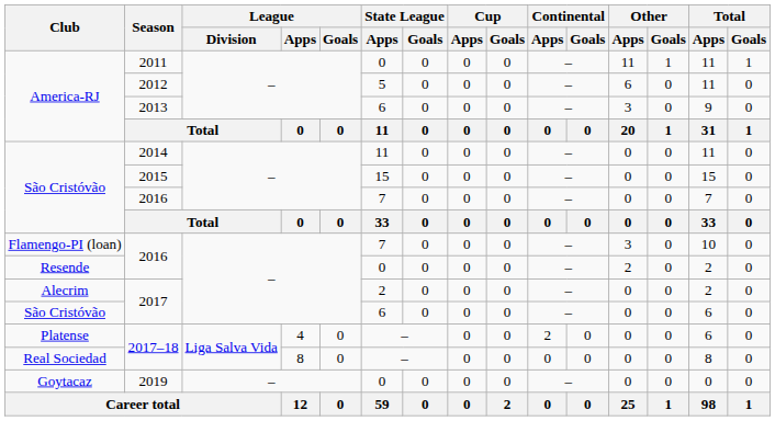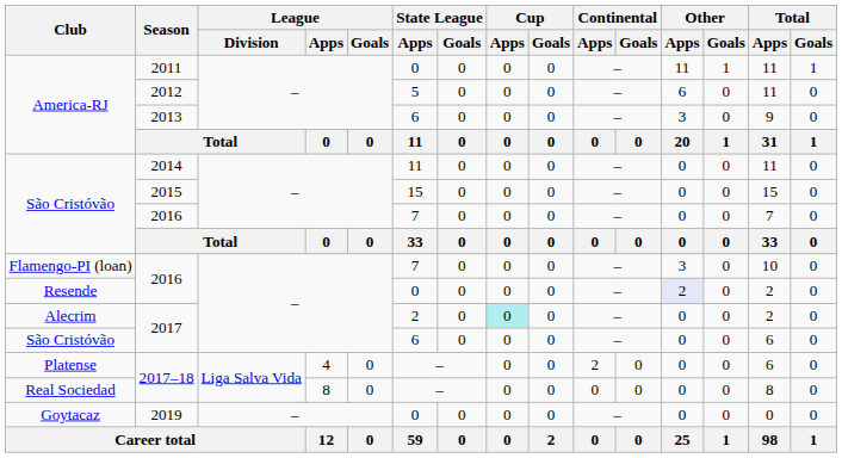 <table class="wikitable" style="text-align: center">
 <tr>
 <th rowspan="2">Club</th>
 <th rowspan="2">Season</th>
 <th colspan="3">League</th>
 <th colspan="2">State League</th>
 <th colspan="2">Cup</th>
 <th colspan="2">Continental</th>
 <th colspan="2">Other</th>
 <th colspan="2">Total</th>
 </tr>
 <tr>
 <th>Division</th>
 <th>Apps</th>
 <th>Goals</th>
 <th>Apps</th>
 <th>Goals</th>
 <th>Apps</th>
 <th>Goals</th>
 <th>Apps</th>
 <th>Goals</th>
 <th>Apps</th>
 <th>Goals</th>
 <th>Apps</th>
 <th>Goals</th>
 </tr>
 <tr>
 <td rowspan="4"><a href='#'>America-RJ</a></td>
 <td>2011</td>
 <td colspan="3" rowspan="3">–</td>
 <td>0</td>
 <td>0</td>
 <td>0</td>
 <td>0</td>
 <td colspan="2">–</td>
 <td>11</td>
 <td>1</td>
 <td>11</td>
 <td>1</td>
 </tr>
 <tr>
 <td>2012</td>
 <td>5</td>
 <td>0</td>
 <td>0</td>
 <td>0</td>
 <td colspan="2">–</td>
 <td>6</td>
 <td>0</td>
 <td>11</td>
 <td>0</td>
 </tr>
 <tr>
 <td>2013</td>
 <td>6</td>
 <td>0</td>
 <td>0</td>
 <td>0</td>
 <td colspan="2">–</td>
 <td>3</td>
 <td>0</td>
 <td>9</td>
 <td>0</td>
 </tr>
 <tr>
 <th colspan="2"><strong>Total</strong></th>
 <th>0</th>
 <th>0</th>
 <th>11</th>
 <th>0</th>
 <th>0</th>
 <th>0</th>
 <th>0</th>
 <th>0</th>
 <th>20</th>
 <th>1</th>
 <th>31</th>
 <th>1</th>
 </tr>
 <tr>
 <td rowspan="4"><a href='#'>São Cristóvão</a></td>
 <td>2014</td>
 <td colspan="3" rowspan="3">–</td>
 <td>11</td>
 <td>0</td>
 <td>0</td>
 <td>0</td>
 <td colspan="2">–</td>
 <td>0</td>
 <td>0</td>
 <td>11</td>
 <td>0</td>
 </tr>
 <tr>
 <td>2015</td>
 <td>15</td>
 <td>0</td>
 <td>0</td>
 <td>0</td>
 <td colspan="2">–</td>
 <td>0</td>
 <td>0</td>
 <td>15</td>
 <td>0</td>
 </tr>
 <tr>
 <td>2016</td>
 <td>7</td>
 <td>0</td>
 <td>0</td>
 <td>0</td>
 <td colspan="2">–</td>
 <td>0</td>
 <td>0</td>
 <td>7</td>
 <td>0</td>
 </tr>
 <tr>
 <th colspan="2"><strong>Total</strong></th>
 <th>0</th>
 <th>0</th>
 <th>33</th>
 <th>0</th>
 <th>0</th>
 <th>0</th>
 <th>0</th>
 <th>0</th>
 <th>0</th>
 <th>0</th>
 <th>33</th>
 <th>0</th>
 </tr>
 <tr>
 <td><a href='#'>Flamengo-PI</a> (loan)</td>
 <td rowspan="2">2016</td>
 <td colspan="3"rowspan="4">–</td>
 <td>7</td>
 <td>0</td>
 <td>0</td>
 <td>0</td>
 <td colspan="2">–</td>
 <td>3</td>
 <td>0</td>
 <td>10</td>
 <td>0</td>
 </tr>
 <tr>
 <td><a href='#'>Resende</a></td>
 <td>0</td>
 <td>0</td>
 <td>0</td>
 <td>0</td>
 <td colspan="2">–</td>
-<td>2</td>
+<td style="background: lavender;">2</td>
 <td>0</td>
 <td>2</td>
 <td>0</td>
 </tr>
 <tr>
 <td><a href='#'>Alecrim</a></td>
 <td rowspan="2">2017</td>
 <td>2</td>
 <td>0</td>
-<td>0</td>
+<td style="background: paleturquoise;">0</td>
 <td>0</td>
 <td colspan="2">–</td>
 <td>0</td>
 <td>0</td>
 <td>2</td>
 <td>0</td>
 </tr>
 <tr>
 <td><a href='#'>São Cristóvão</a></td>
 <td>6</td>
 <td>0</td>
 <td>0</td>
 <td>0</td>
 <td colspan="2">–</td>
 <td>0</td>
 <td>0</td>
 <td>6</td>
 <td>0</td>
 </tr>
 <tr>
 <td><a href='#'>Platense</a></td>
 <td rowspan="2"><a href='#'>2017–18</a></td>
 <td rowspan="2"><a href='#'>Liga Salva Vida</a></td>
 <td>4</td>
 <td>0</td>
 <td colspan="2">–</td>
 <td>0</td>
 <td>0</td>
 <td>2</td>
 <td>0</td>
 <td>0</td>
 <td>0</td>
 <td>6</td>
 <td>0</td>
 </tr>
 <tr>
 <td><a href='#'>Real Sociedad</a></td>
 <td>8</td>
 <td>0</td>
 <td colspan="2">–</td>
 <td>0</td>
 <td>0</td>
 <td>0</td>
 <td>0</td>
 <td>0</td>
 <td>0</td>
 <td>8</td>
 <td>0</td>
 </tr>
 <tr>
 <td><a href='#'>Goytacaz</a></td>
 <td>2019</td>
 <td colspan="3">–</td>
 <td>0</td>
 <td>0</td>
 <td>0</td>
 <td>0</td>
 <td colspan="2">–</td>
 <td>0</td>
 <td>0</td>
 <td>0</td>
 <td>0</td>
 </tr>
 <tr>
 <th colspan="3"><strong>Career total</strong></th>
 <th>12</th>
 <th>0</th>
 <th>59</th>
 <th>0</th>
 <th>0</th>
 <th>2</th>
 <th>0</th>
 <th>0</th>
 <th>25</th>
 <th>1</th>
 <th>98</th>
 <th>1</th>
 </tr>
 </table>
